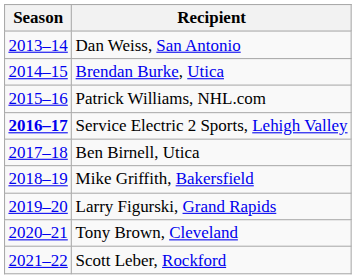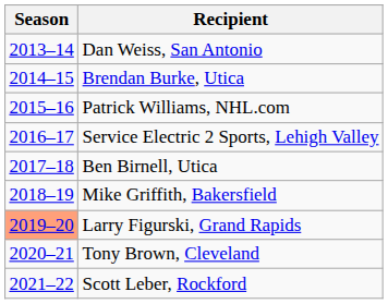 <table class="wikitable sortable">
 <tr>
 <th>Season</th>
 <th>Recipient</th>
 </tr>
 <tr>
 <td><a href='#'>2013–14</a></td>
 <td>Dan Weiss, <a href='#'>San Antonio</a></td>
 </tr>
 <tr>
 <td><a href='#'>2014–15</a></td>
 <td><a href='#'>Brendan Burke</a>, <a href='#'>Utica</a></td>
 </tr>
 <tr>
 <td><a href='#'>2015–16</a></td>
 <td>Patrick Williams, NHL.com</td>
 </tr>
 <tr>
-<td><strong><a href='#'>2016–17</a></strong></td>
+<td><a href='#'>2016–17</a></td>
 <td>Service Electric 2 Sports, <a href='#'>Lehigh Valley</a></td>
 </tr>
 <tr>
 <td><a href='#'>2017–18</a></td>
 <td>Ben Birnell, Utica</td>
 </tr>
 <tr>
 <td><a href='#'>2018–19</a></td>
 <td>Mike Griffith, <a href='#'>Bakersfield</a></td>
 </tr>
 <tr>
-<td><a href='#'>2019–20</a></td>
+<td style="background: lightsalmon;"><a href='#'>2019–20</a></td>
 <td>Larry Figurski, <a href='#'>Grand Rapids</a></td>
 </tr>
 <tr>
 <td><a href='#'>2020–21</a></td>
 <td>Tony Brown, <a href='#'>Cleveland</a></td>
 </tr>
 <tr>
 <td><a href='#'>2021–22</a></td>
 <td>Scott Leber, <a href='#'>Rockford</a></td>
 </tr>
 </table>
